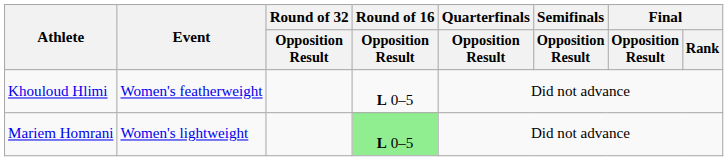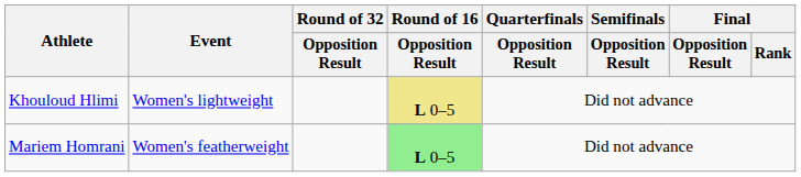 <table class="wikitable" style="font-size:90%">
 <tr>
 <th rowspan="2">Athlete</th>
 <th rowspan="2">Event</th>
 <th>Round of 32</th>
 <th>Round of 16</th>
 <th>Quarterfinals</th>
 <th>Semifinals</th>
 <th colspan=2>Final</th>
 </tr>
 <tr style="font-size:95%">
 <th>Opposition<br>Result</th>
 <th>Opposition<br>Result</th>
 <th>Opposition<br>Result</th>
 <th>Opposition<br>Result</th>
 <th>Opposition<br>Result</th>
 <th>Rank</th>
 </tr>
 <tr align=center>
 <td align=left><a href='#'>Khouloud Hlimi</a></td>
-<td align=left><a href='#'>Women's featherweight</a></td>
+<td align=left><a href='#'>Women's lightweight</a></td>
 <td></td>
-<td><br><strong>L</strong> 0–5</td>
+<td style="background: khaki;"><br><strong>L</strong> 0–5</td>
 <td colspan=4>Did not advance</td>
 </tr>
 <tr align=center>
 <td align=left><a href='#'>Mariem Homrani</a></td>
-<td align=left><a href='#'>Women's lightweight</a></td>
+<td align=left><a href='#'>Women's featherweight</a></td>
 <td></td>
 <td style="background: lightgreen;"><br><strong>L</strong> 0–5</td>
 <td colspan=4>Did not advance</td>
 </tr>
 </table>
